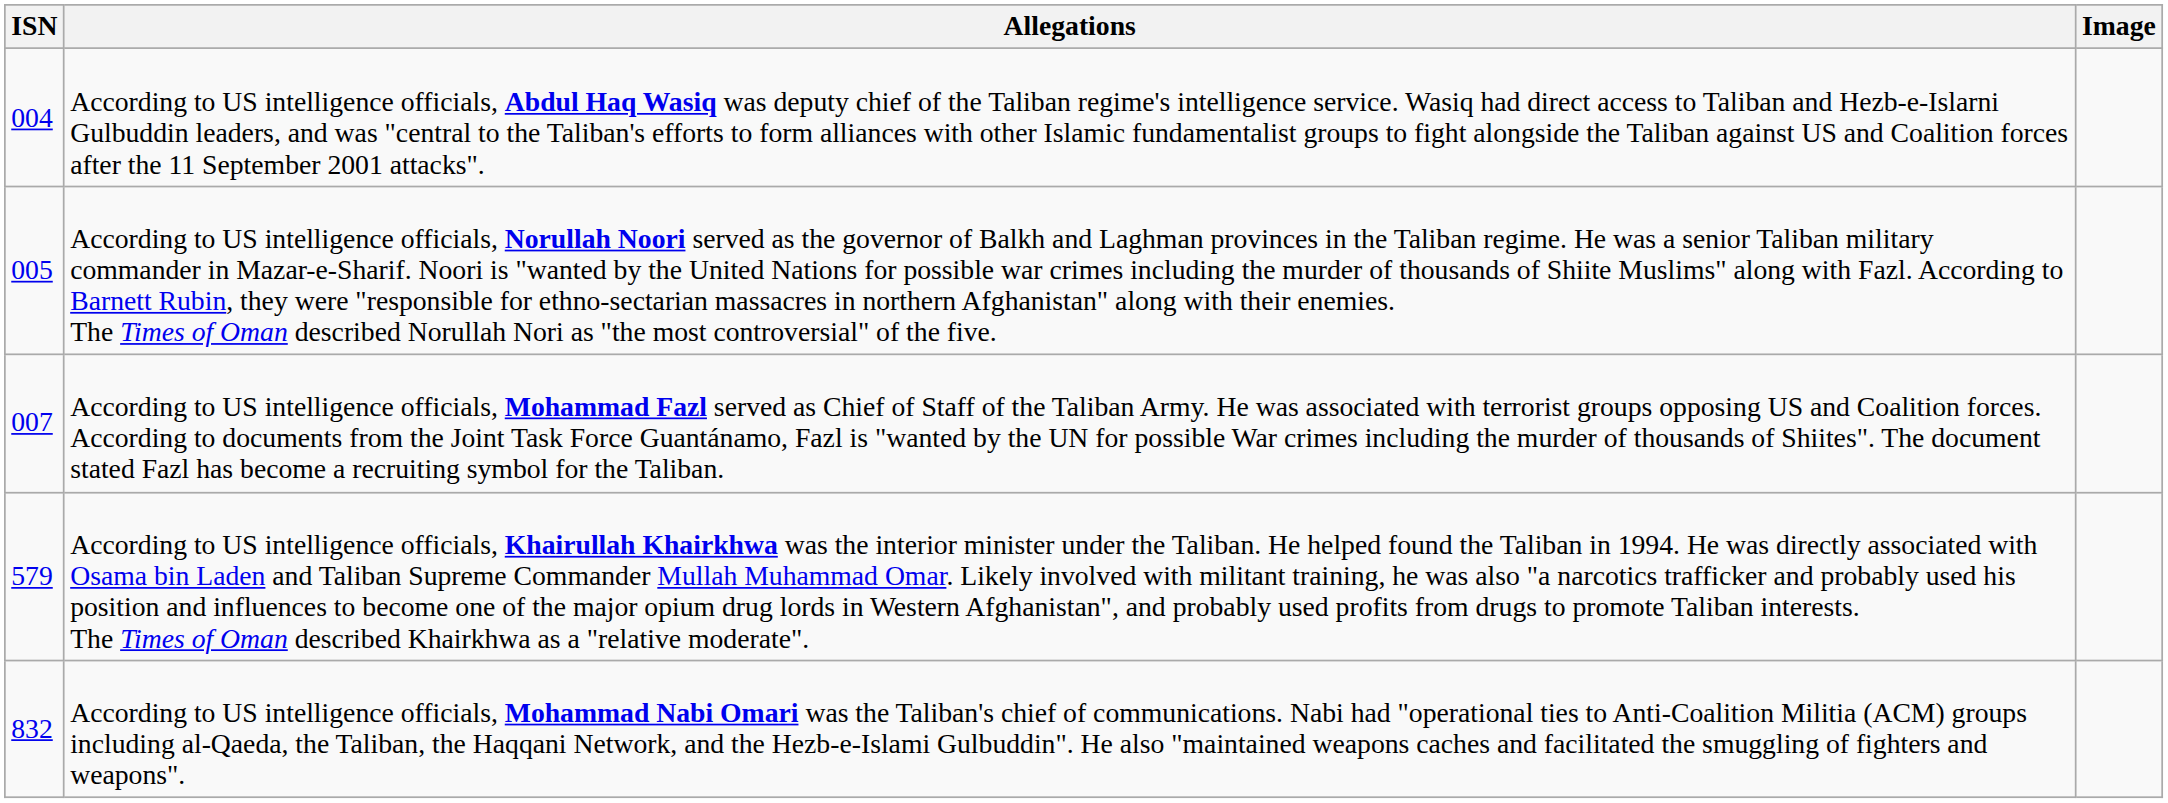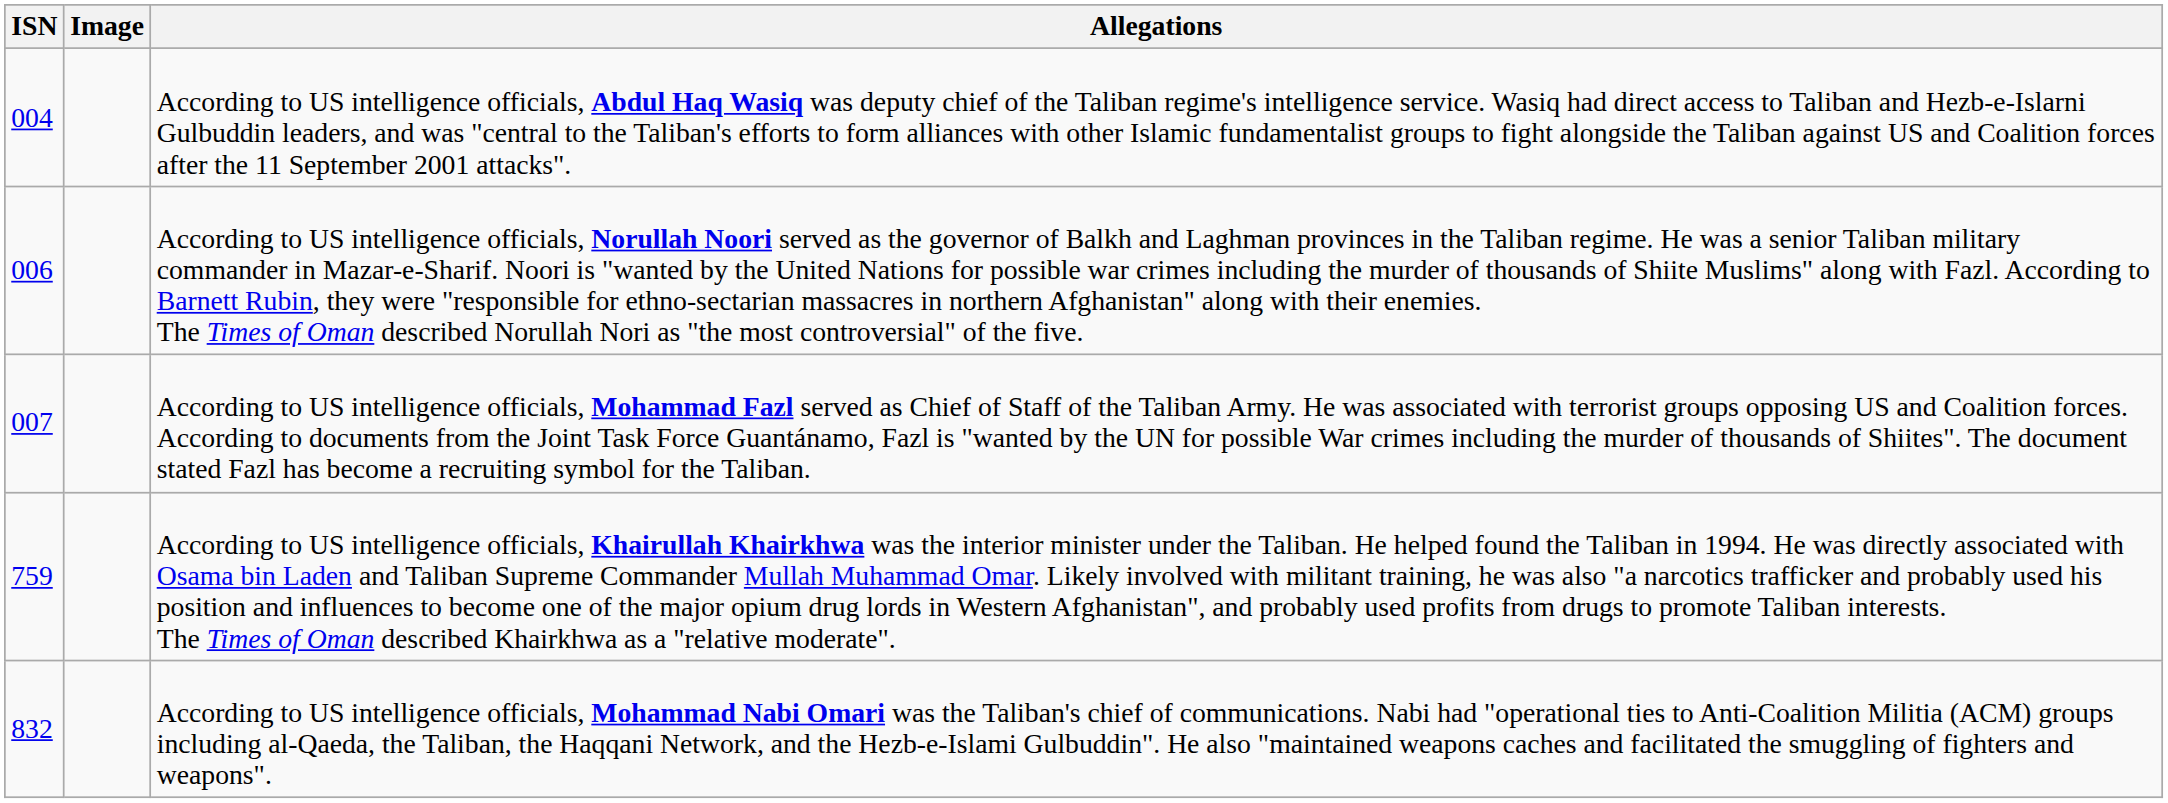 <table class="wikitable">
 <tr>
 <th>ISN</th>
+<th>Image</th>
 <th>Allegations</th>
-<th>Image</th>
 </tr>
 <tr>
 <td><a href='#'>004</a></td>
+<td></td>
 <td><br>According to US intelligence officials, <strong><a href='#'>Abdul Haq Wasiq</a></strong> was deputy chief of the Taliban regime's intelligence service. Wasiq had direct access to Taliban and Hezb-e-Islarni Gulbuddin leaders, and was "central to the Taliban's efforts to form alliances with other Islamic fundamentalist groups to fight alongside the Taliban against US and Coalition forces after the 11 September 2001 attacks".</td>
-<td></td>
 </tr>
 <tr>
-<td><a href='#'>005</a></td>
+<td><a href='#'>006</a></td>
+<td></td>
 <td><br>According to US intelligence officials, <strong><a href='#'>Norullah Noori</a></strong> served as the governor of Balkh and Laghman provinces in the Taliban regime. He was a senior Taliban military commander in Mazar-e-Sharif. Noori is "wanted by the United Nations for possible war crimes including the murder of thousands of Shiite Muslims" along with Fazl. According to <a href='#'>Barnett Rubin</a>, they were "responsible for ethno-sectarian massacres in northern Afghanistan" along with their enemies.<br>The <em><a href='#'>Times of Oman</a></em> described Norullah Nori as "the most controversial" of the five.</td>
-<td></td>
 </tr>
 <tr>
 <td><a href='#'>007</a></td>
+<td></td>
 <td><br>According to US intelligence officials, <strong><a href='#'>Mohammad Fazl</a></strong> served as Chief of Staff of the Taliban Army. He was associated with terrorist groups opposing US and Coalition forces. According to documents from the Joint Task Force Guantánamo, Fazl is "wanted by the UN for possible War crimes including the murder of thousands of Shiites". The document stated Fazl has become a recruiting symbol for the Taliban.</td>
-<td></td>
 </tr>
 <tr>
-<td><a href='#'>579</a></td>
+<td><a href='#'>759</a></td>
+<td></td>
 <td><br>According to US intelligence officials, <strong><a href='#'>Khairullah Khairkhwa</a></strong> was the interior minister under the Taliban. He helped found the Taliban in 1994. He was directly associated with <a href='#'>Osama bin Laden</a> and Taliban Supreme Commander <a href='#'>Mullah Muhammad Omar</a>. Likely involved with militant training, he was also "a narcotics trafficker and probably used his position and influences to become one of the major opium drug lords in Western Afghanistan", and probably used profits from drugs to promote Taliban interests.<br>The <em><a href='#'>Times of Oman</a></em> described Khairkhwa as a "relative moderate".</td>
-<td></td>
 </tr>
 <tr>
 <td><a href='#'>832</a></td>
+<td></td>
 <td><br>According to US intelligence officials, <strong><a href='#'>Mohammad Nabi Omari</a></strong> was the Taliban's chief of communications. Nabi had "operational ties to Anti-Coalition Militia (ACM) groups including al-Qaeda, the Taliban, the Haqqani Network, and the Hezb-e-Islami Gulbuddin". He also "maintained weapons caches and facilitated the smuggling of fighters and weapons".</td>
-<td></td>
 </tr>
 </table>
